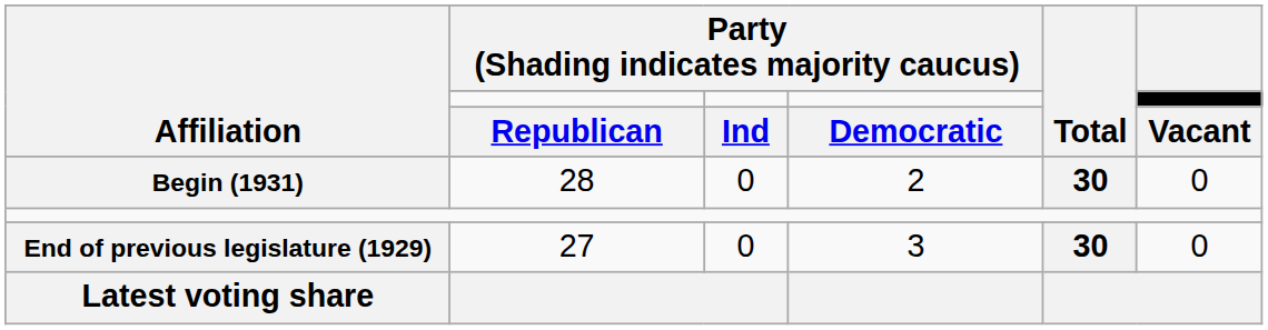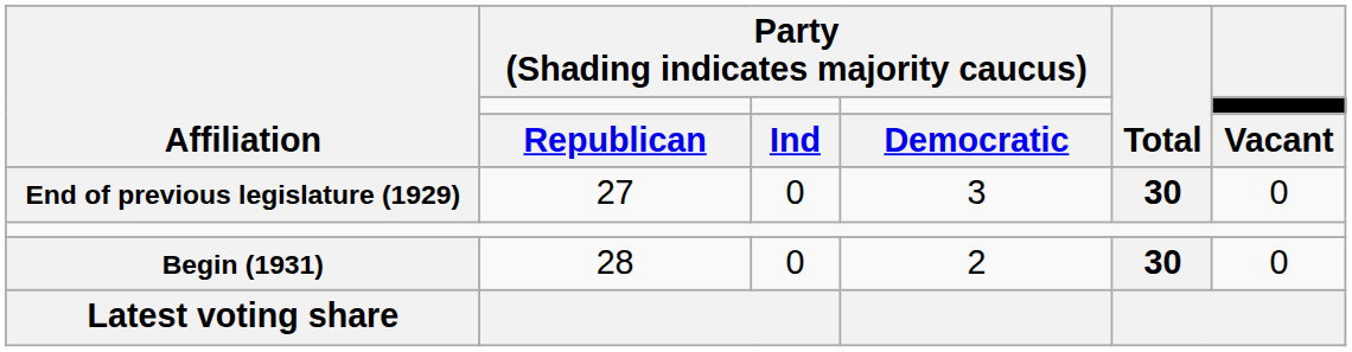 <table class=wikitable style="text-align:center; width:50%">
 <tr style="vertical-align:bottom;">
 <th rowspan=3>Affiliation</th>
 <th colspan=3>Party <div>(Shading indicates majority caucus)</div></th>
 <th rowspan=3>Total</th>
 <th></th>
 </tr>
 <tr style="height:5px">
 <td style="background-color:"></td>
 <td style="background-color:"></td>
 <td style="background-color:"></td>
 <td style="background-color:black"></td>
 </tr>
 <tr>
 <th><a href='#'>Republican</a></th>
 <th><a href='#'>Ind</a></th>
 <th><a href='#'>Democratic</a></th>
 <th>Vacant</th>
 </tr>
 <tr>
-<th nowrap style="font-size:80%">Begin (1931)</th>
-<td>28</td>
+<th nowrap style="font-size:80%">End of previous legislature (1929)</th>
+<td>27</td>
 <td>0</td>
-<td>2</td>
+<td>3</td>
 <th>30</th>
 <td>0</td>
 </tr>
 <tr>
 <td colspan=6></td>
 </tr>
 <tr>
-<th nowrap style="font-size:80%">End of previous legislature (1929)</th>
-<td>27</td>
+<th nowrap style="font-size:80%">Begin (1931)</th>
+<td>28</td>
 <td>0</td>
-<td>3</td>
+<td>2</td>
 <th>30</th>
 <td>0</td>
 </tr>
 <tr>
 <th>Latest voting share</th>
 <th colspan=2 ></th>
 <th></th>
 <th colspan=2></th>
 </tr>
 </table>
